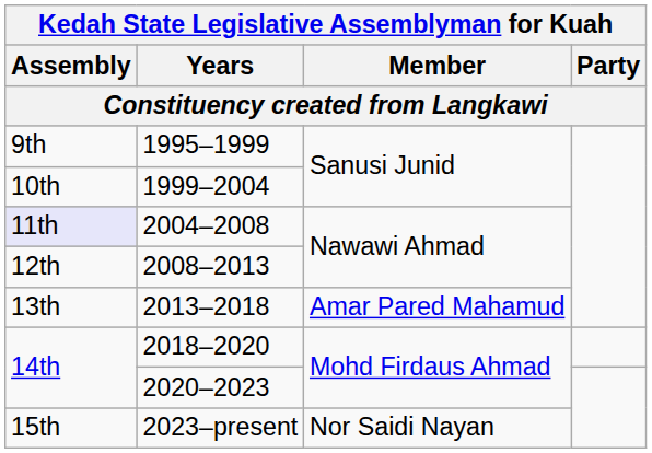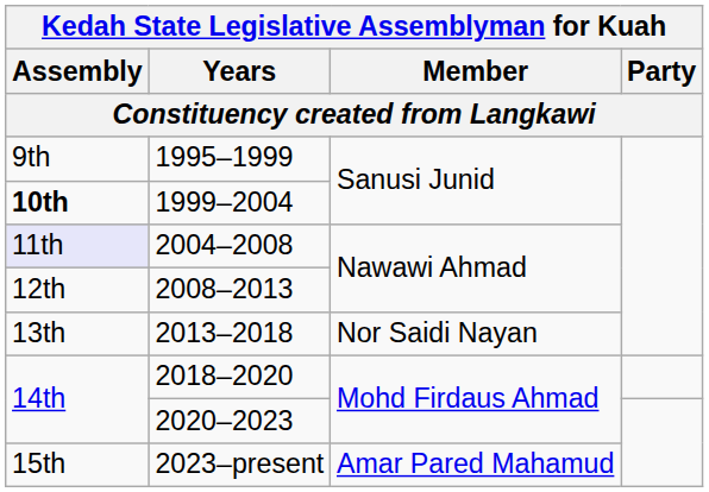 <table class="wikitable">
 <tr>
 <th colspan="4"><a href='#'>Kedah State Legislative Assemblyman</a> for Kuah</th>
 </tr>
 <tr>
 <th>Assembly</th>
 <th>Years</th>
 <th>Member</th>
 <th>Party</th>
 </tr>
 <tr>
 <th colspan="4" align="center"><em>Constituency created from Langkawi</em></th>
 </tr>
 <tr>
 <td>9th</td>
 <td>1995–1999</td>
 <td rowspan="2">Sanusi Junid</td>
 <td rowspan="5"></td>
 </tr>
 <tr>
-<td>10th</td>
+<td><strong>10th</strong></td>
 <td>1999–2004</td>
 </tr>
 <tr>
 <td style="background: lavender;">11th</td>
 <td>2004–2008</td>
 <td rowspan="2">Nawawi Ahmad</td>
 </tr>
 <tr>
 <td>12th</td>
 <td>2008–2013</td>
 </tr>
 <tr>
 <td>13th</td>
 <td>2013–2018</td>
-<td><a href='#'>Amar Pared Mahamud</a></td>
+<td>Nor Saidi Nayan</td>
 </tr>
 <tr>
 <td rowspan="2"><a href='#'>14th</a></td>
 <td>2018–2020</td>
 <td rowspan="2"><a href='#'>Mohd Firdaus Ahmad</a></td>
 <td></td>
 </tr>
 <tr>
 <td>2020–2023</td>
 <td rowspan="2"></td>
 </tr>
 <tr>
 <td>15th</td>
 <td>2023–present</td>
-<td>Nor Saidi Nayan</td>
+<td><a href='#'>Amar Pared Mahamud</a></td>
 </tr>
 </table>
